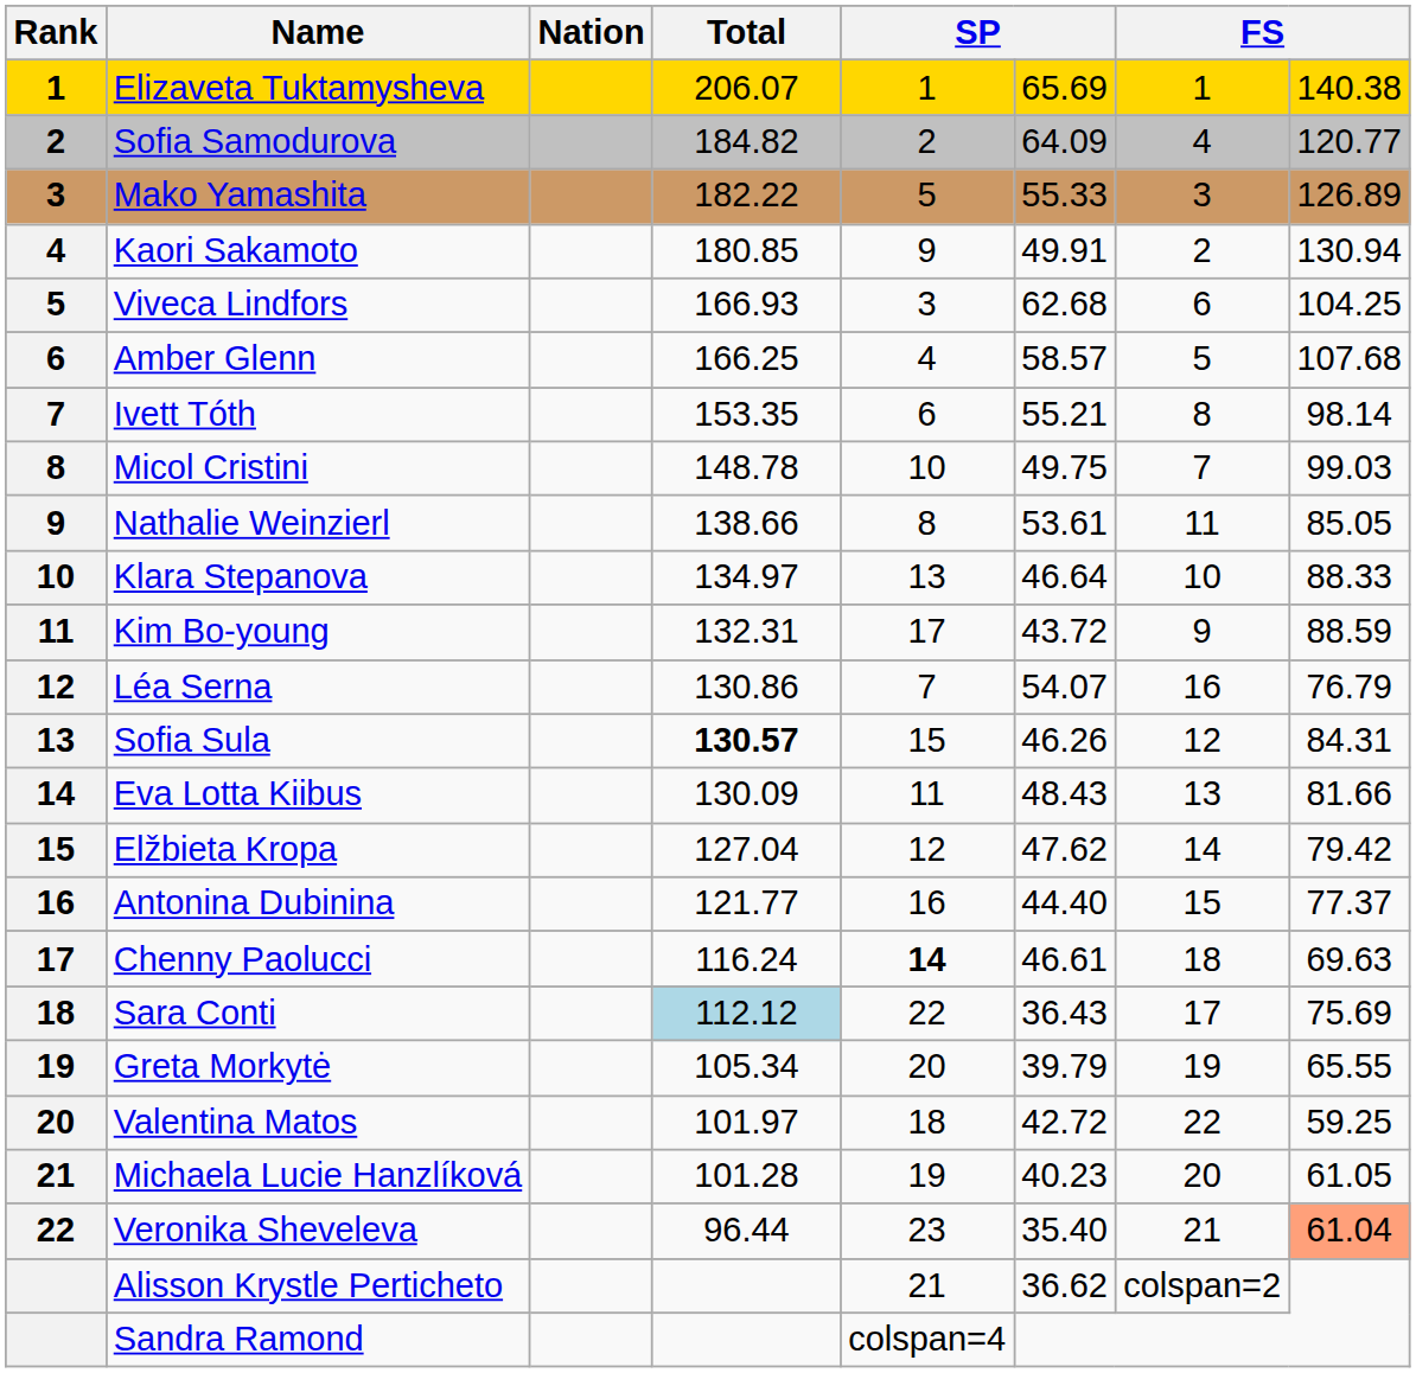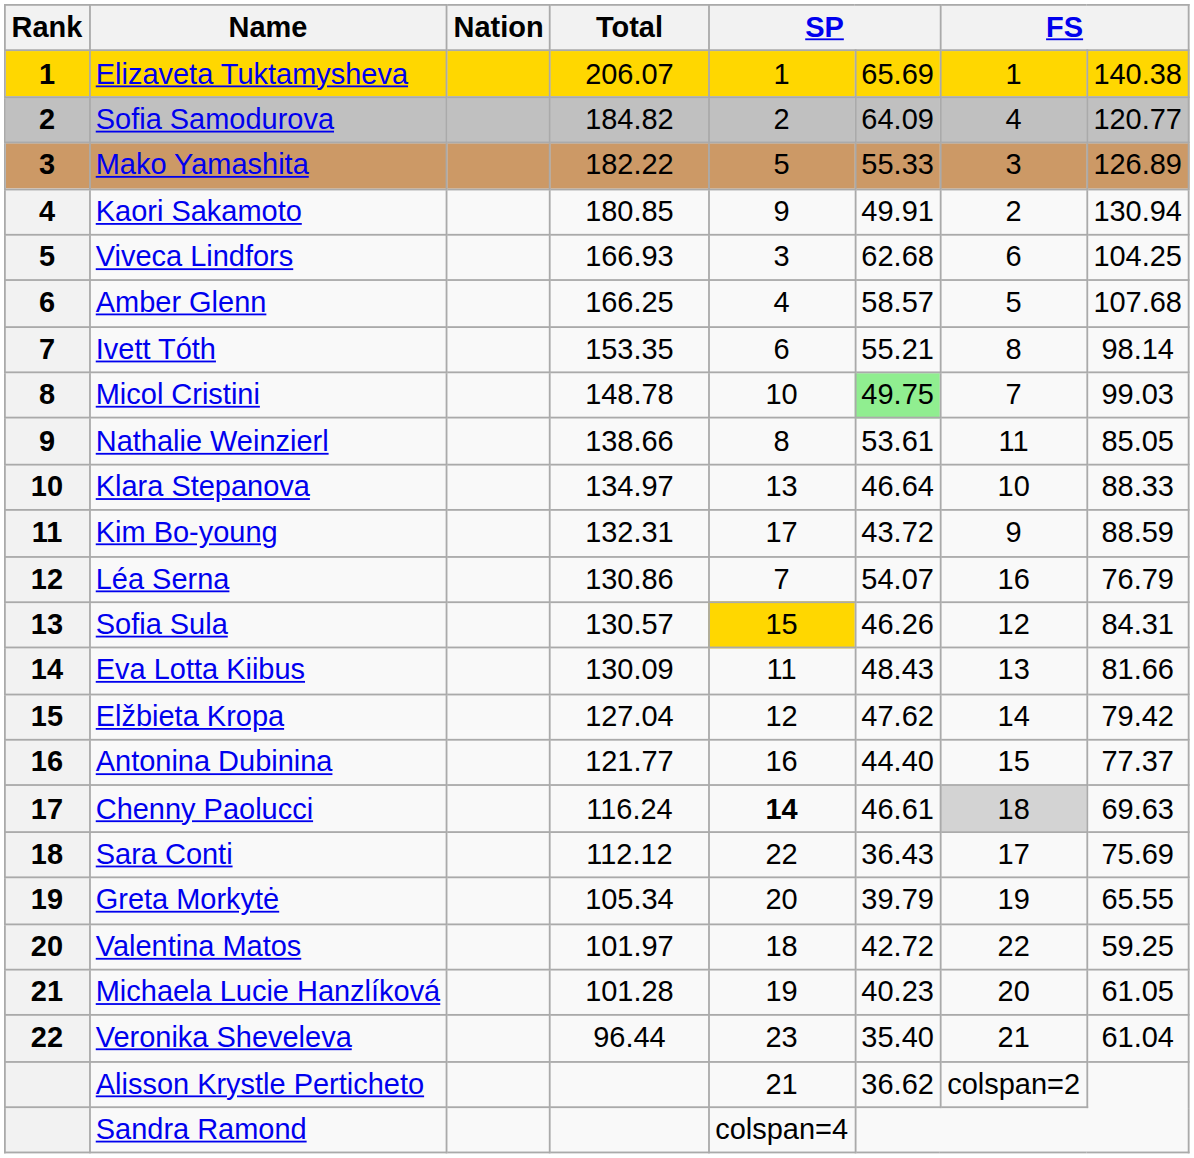 <table class="wikitable sortable">
 <tr>
 <th>Rank</th>
 <th>Name</th>
 <th>Nation</th>
 <th width="80px">Total</th>
 <th colspan="2" width="80px"><a href='#'>SP</a></th>
 <th colspan="2" width="80px"><a href='#'>FS</a></th>
 </tr>
 <tr bgcolor="gold">
 <td align="center"><strong>1</strong></td>
 <td><a href='#'>Elizaveta Tuktamysheva</a></td>
 <td></td>
 <td align="center">206.07</td>
 <td align="center">1</td>
 <td align="center">65.69</td>
 <td align="center">1</td>
 <td align="center">140.38</td>
 </tr>
 <tr bgcolor="silver">
 <td align="center"><strong>2</strong></td>
 <td><a href='#'>Sofia Samodurova</a></td>
 <td></td>
 <td align="center">184.82</td>
 <td align="center">2</td>
 <td align="center">64.09</td>
 <td align="center">4</td>
 <td align="center">120.77</td>
 </tr>
 <tr bgcolor="cc9966">
 <td align="center"><strong>3</strong></td>
 <td><a href='#'>Mako Yamashita</a></td>
 <td></td>
 <td align="center">182.22</td>
 <td align="center">5</td>
 <td align="center">55.33</td>
 <td align="center">3</td>
 <td align="center">126.89</td>
 </tr>
 <tr>
 <th>4</th>
 <td><a href='#'>Kaori Sakamoto</a></td>
 <td></td>
 <td align="center">180.85</td>
 <td align="center">9</td>
 <td align="center">49.91</td>
 <td align="center">2</td>
 <td align="center">130.94</td>
 </tr>
 <tr>
 <th>5</th>
 <td><a href='#'>Viveca Lindfors</a></td>
 <td></td>
 <td align="center">166.93</td>
 <td align="center">3</td>
 <td align="center">62.68</td>
 <td align="center">6</td>
 <td align="center">104.25</td>
 </tr>
 <tr>
 <th>6</th>
 <td><a href='#'>Amber Glenn</a></td>
 <td></td>
 <td align="center">166.25</td>
 <td align="center">4</td>
 <td align="center">58.57</td>
 <td align="center">5</td>
 <td align="center">107.68</td>
 </tr>
 <tr>
 <th>7</th>
 <td><a href='#'>Ivett Tóth</a></td>
 <td></td>
 <td align="center">153.35</td>
 <td align="center">6</td>
 <td align="center">55.21</td>
 <td align="center">8</td>
 <td align="center">98.14</td>
 </tr>
 <tr>
 <th>8</th>
 <td><a href='#'>Micol Cristini</a></td>
 <td></td>
 <td align="center">148.78</td>
 <td align="center">10</td>
-<td align="center">49.75</td>
+<td align="center" style="background: lightgreen;">49.75</td>
 <td align="center">7</td>
 <td align="center">99.03</td>
 </tr>
 <tr>
 <th>9</th>
 <td><a href='#'>Nathalie Weinzierl</a></td>
 <td></td>
 <td align="center">138.66</td>
 <td align="center">8</td>
 <td align="center">53.61</td>
 <td align="center">11</td>
 <td align="center">85.05</td>
 </tr>
 <tr>
 <th>10</th>
 <td><a href='#'>Klara Stepanova</a></td>
 <td></td>
 <td align="center">134.97</td>
 <td align="center">13</td>
 <td align="center">46.64</td>
 <td align="center">10</td>
 <td align="center">88.33</td>
 </tr>
 <tr>
 <th>11</th>
 <td><a href='#'>Kim Bo-young</a></td>
 <td></td>
 <td align="center">132.31</td>
 <td align="center">17</td>
 <td align="center">43.72</td>
 <td align="center">9</td>
 <td align="center">88.59</td>
 </tr>
 <tr>
 <th>12</th>
 <td><a href='#'>Léa Serna</a></td>
 <td></td>
 <td align="center">130.86</td>
 <td align="center">7</td>
 <td align="center">54.07</td>
 <td align="center">16</td>
 <td align="center">76.79</td>
 </tr>
 <tr>
 <th>13</th>
 <td><a href='#'>Sofia Sula</a></td>
 <td></td>
-<td align="center"><strong>130.57</strong></td>
-<td align="center">15</td>
+<td align="center">130.57</td>
+<td align="center" style="background: gold;">15</td>
 <td align="center">46.26</td>
 <td align="center">12</td>
 <td align="center">84.31</td>
 </tr>
 <tr>
 <th>14</th>
 <td><a href='#'>Eva Lotta Kiibus</a></td>
 <td></td>
 <td align="center">130.09</td>
 <td align="center">11</td>
 <td align="center">48.43</td>
 <td align="center">13</td>
 <td align="center">81.66</td>
 </tr>
 <tr>
 <th>15</th>
 <td><a href='#'>Elžbieta Kropa</a></td>
 <td></td>
 <td align="center">127.04</td>
 <td align="center">12</td>
 <td align="center">47.62</td>
 <td align="center">14</td>
 <td align="center">79.42</td>
 </tr>
 <tr>
 <th>16</th>
 <td><a href='#'>Antonina Dubinina</a></td>
 <td></td>
 <td align="center">121.77</td>
 <td align="center">16</td>
 <td align="center">44.40</td>
 <td align="center">15</td>
 <td align="center">77.37</td>
 </tr>
 <tr>
 <th>17</th>
 <td><a href='#'>Chenny Paolucci</a></td>
 <td></td>
 <td align="center">116.24</td>
 <td align="center"><strong>14</strong></td>
 <td align="center">46.61</td>
-<td align="center">18</td>
+<td align="center" style="background: lightgrey;">18</td>
 <td align="center">69.63</td>
 </tr>
 <tr>
 <th>18</th>
 <td><a href='#'>Sara Conti</a></td>
 <td></td>
-<td align="center" style="background: lightblue;">112.12</td>
+<td align="center">112.12</td>
 <td align="center">22</td>
 <td align="center">36.43</td>
 <td align="center">17</td>
 <td align="center">75.69</td>
 </tr>
 <tr>
 <th>19</th>
 <td><a href='#'>Greta Morkytė</a></td>
 <td></td>
 <td align="center">105.34</td>
 <td align="center">20</td>
 <td align="center">39.79</td>
 <td align="center">19</td>
 <td align="center">65.55</td>
 </tr>
 <tr>
 <th>20</th>
 <td><a href='#'>Valentina Matos</a></td>
 <td></td>
 <td align="center">101.97</td>
 <td align="center">18</td>
 <td align="center">42.72</td>
 <td align="center">22</td>
 <td align="center">59.25</td>
 </tr>
 <tr>
 <th>21</th>
 <td><a href='#'>Michaela Lucie Hanzlíková</a></td>
 <td></td>
 <td align="center">101.28</td>
 <td align="center">19</td>
 <td align="center">40.23</td>
 <td align="center">20</td>
 <td align="center">61.05</td>
 </tr>
 <tr>
 <th>22</th>
 <td><a href='#'>Veronika Sheveleva</a></td>
 <td></td>
 <td align="center">96.44</td>
 <td align="center">23</td>
 <td align="center">35.40</td>
 <td align="center">21</td>
-<td align="center" style="background: lightsalmon;">61.04</td>
+<td align="center">61.04</td>
 </tr>
 <tr>
 <th></th>
 <td><a href='#'>Alisson Krystle Perticheto</a></td>
 <td></td>
 <td></td>
 <td align="center">21</td>
 <td align="center">36.62</td>
 <td>colspan=2 </td>
 </tr>
 <tr>
 <th></th>
 <td><a href='#'>Sandra Ramond</a></td>
 <td></td>
 <td></td>
 <td>colspan=4 </td>
 </tr>
 </table>
